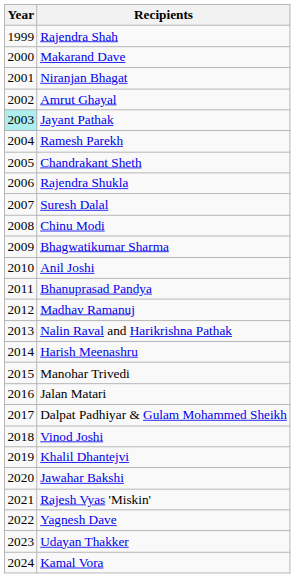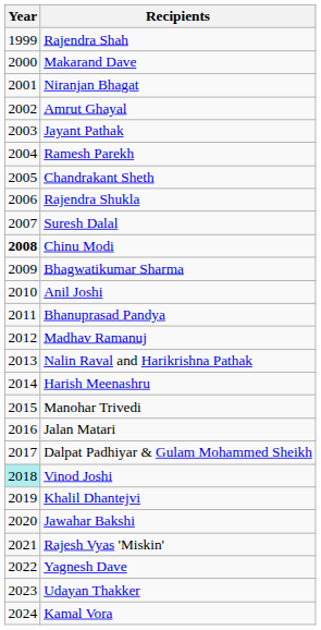 <table class="wikitable sortable">
 <tr>
 <th>Year</th>
 <th>Recipients</th>
 </tr>
 <tr>
 <td>1999</td>
 <td><a href='#'>Rajendra Shah</a></td>
 </tr>
 <tr>
 <td>2000</td>
 <td><a href='#'>Makarand Dave</a></td>
 </tr>
 <tr>
 <td>2001</td>
 <td><a href='#'>Niranjan Bhagat</a></td>
 </tr>
 <tr>
 <td>2002</td>
 <td><a href='#'>Amrut Ghayal</a></td>
 </tr>
 <tr>
-<td style="background: paleturquoise;">2003</td>
+<td>2003</td>
 <td><a href='#'>Jayant Pathak</a></td>
 </tr>
 <tr>
 <td>2004</td>
 <td><a href='#'>Ramesh Parekh</a></td>
 </tr>
 <tr>
 <td>2005</td>
 <td><a href='#'>Chandrakant Sheth</a></td>
 </tr>
 <tr>
 <td>2006</td>
 <td><a href='#'>Rajendra Shukla</a></td>
 </tr>
 <tr>
 <td>2007</td>
 <td><a href='#'>Suresh Dalal</a></td>
 </tr>
 <tr>
-<td>2008</td>
+<td><strong>2008</strong></td>
 <td><a href='#'>Chinu Modi</a></td>
 </tr>
 <tr>
 <td>2009</td>
 <td><a href='#'>Bhagwatikumar Sharma</a></td>
 </tr>
 <tr>
 <td>2010</td>
 <td><a href='#'>Anil Joshi</a></td>
 </tr>
 <tr>
 <td>2011</td>
 <td><a href='#'>Bhanuprasad Pandya</a></td>
 </tr>
 <tr>
 <td>2012</td>
 <td><a href='#'>Madhav Ramanuj</a></td>
 </tr>
 <tr>
 <td>2013</td>
 <td><a href='#'>Nalin Raval</a> and <a href='#'>Harikrishna Pathak</a></td>
 </tr>
 <tr>
 <td>2014</td>
 <td><a href='#'>Harish Meenashru</a></td>
 </tr>
 <tr>
 <td>2015</td>
 <td>Manohar Trivedi</td>
 </tr>
 <tr>
 <td>2016</td>
 <td>Jalan Matari</td>
 </tr>
 <tr>
 <td>2017</td>
 <td>Dalpat Padhiyar & <a href='#'>Gulam Mohammed Sheikh</a></td>
 </tr>
 <tr>
-<td>2018</td>
+<td style="background: paleturquoise;">2018</td>
 <td><a href='#'>Vinod Joshi</a></td>
 </tr>
 <tr>
 <td>2019</td>
 <td><a href='#'>Khalil Dhantejvi</a></td>
 </tr>
 <tr>
 <td>2020</td>
 <td><a href='#'>Jawahar Bakshi</a></td>
 </tr>
 <tr>
 <td>2021</td>
 <td><a href='#'>Rajesh Vyas</a> 'Miskin'</td>
 </tr>
 <tr>
 <td>2022</td>
 <td><a href='#'>Yagnesh Dave</a></td>
 </tr>
 <tr>
 <td>2023</td>
 <td><a href='#'>Udayan Thakker</a></td>
 </tr>
 <tr>
 <td>2024</td>
 <td><a href='#'>Kamal Vora</a></td>
 </tr>
 </table>
